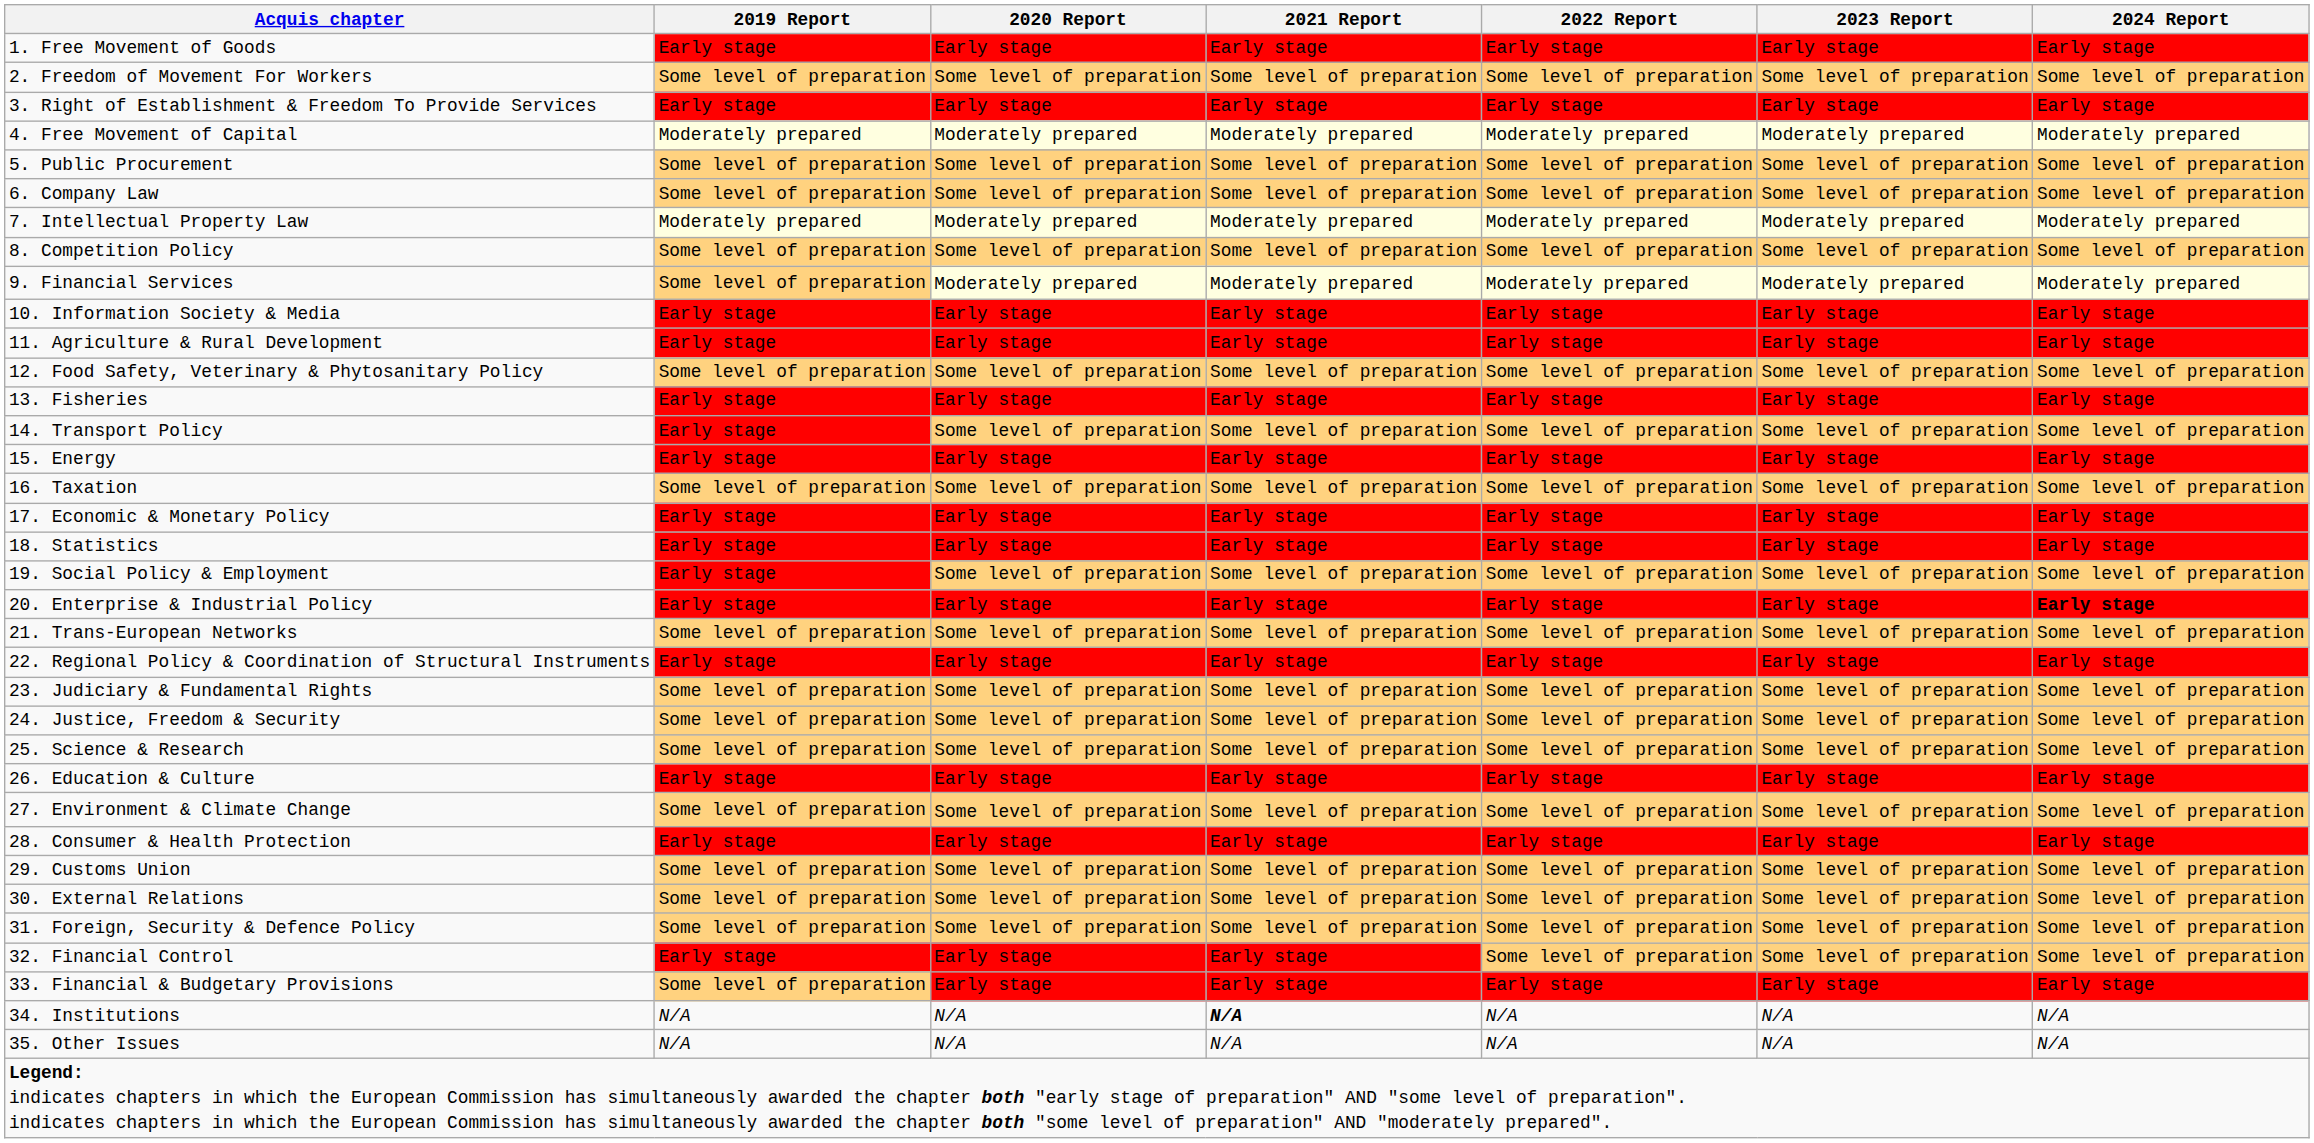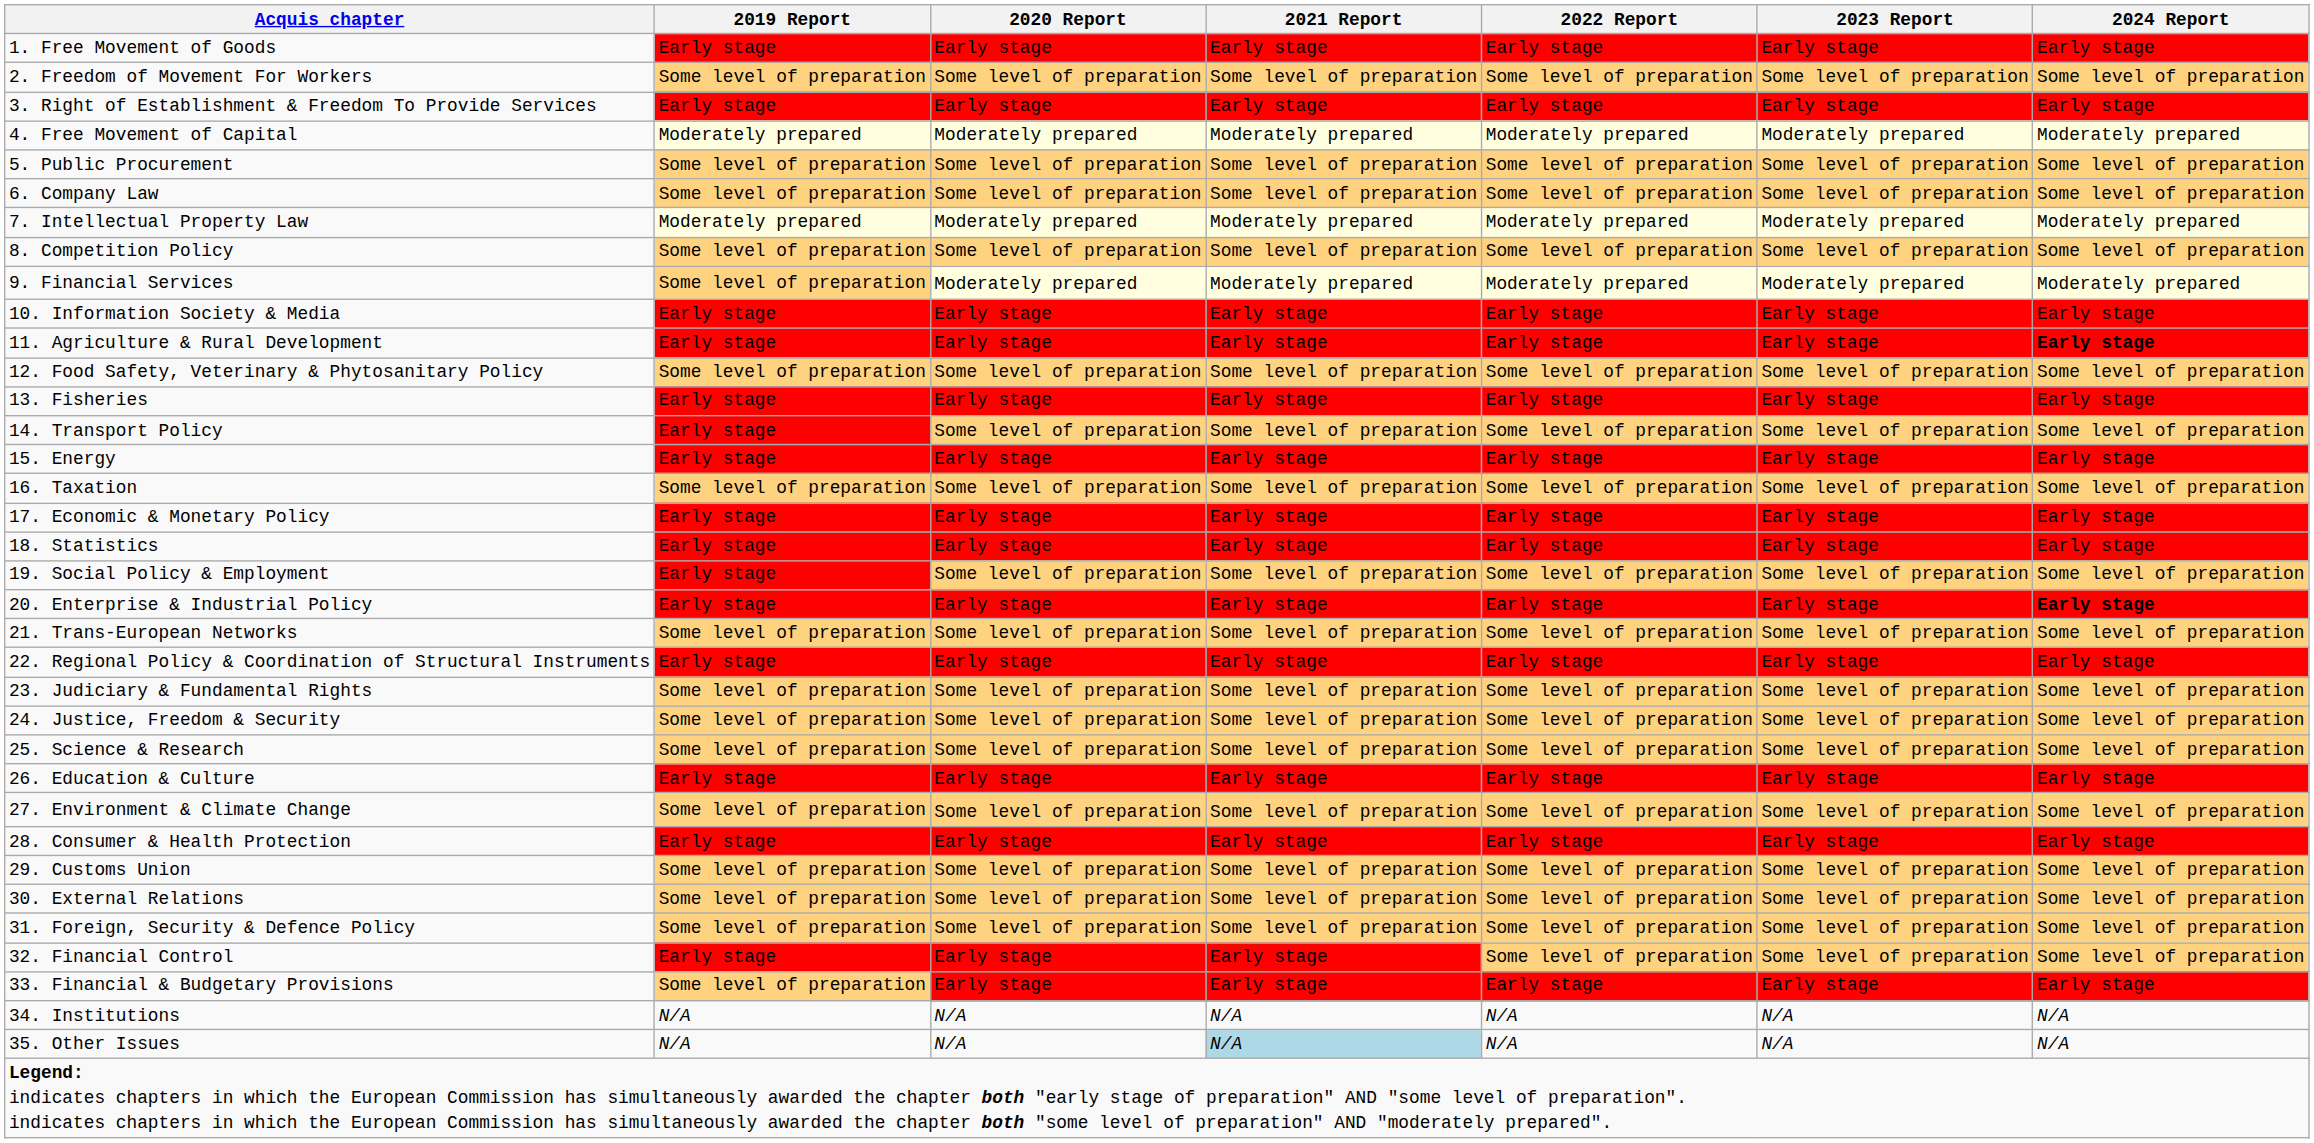 <table class="wikitable mw-collapsible mw-collapsed" style="text-align:left; font-size: 1.0em;">
 <tr>
 <th><a href='#'>Acquis chapter</a></th>
 <th>2019 Report</th>
 <th>2020 Report</th>
 <th>2021 Report</th>
 <th>2022 Report</th>
 <th>2023 Report</th>
 <th>2024 Report</th>
 </tr>
 <tr>
 <td style="text-align:left;">1. Free Movement of Goods</td>
 <td style="background:#f00;">Early stage</td>
 <td style="background:#f00;">Early stage</td>
 <td style="background:#f00;">Early stage</td>
 <td style="background:#f00;">Early stage</td>
 <td style="background:#f00;">Early stage</td>
 <td style="background:#f00;">Early stage</td>
 </tr>
 <tr>
 <td style="text-align:left;">2. Freedom of Movement For Workers</td>
 <td style="background:#FFD27F">Some level of preparation</td>
 <td style="background:#FFD27F">Some level of preparation</td>
 <td style="background:#FFD27F">Some level of preparation</td>
 <td style="background:#FFD27F">Some level of preparation</td>
 <td style="background:#FFD27F">Some level of preparation</td>
 <td style="background:#FFD27F">Some level of preparation</td>
 </tr>
 <tr>
 <td style="text-align:left;">3. Right of Establishment & Freedom To Provide Services</td>
 <td style="background:#f00;">Early stage</td>
 <td style="background:#f00;">Early stage</td>
 <td style="background:#f00;">Early stage</td>
 <td style="background:#f00;">Early stage</td>
 <td style="background:#f00;">Early stage</td>
 <td style="background:#f00;">Early stage</td>
 </tr>
 <tr>
 <td style="text-align:left;">4. Free Movement of Capital</td>
 <td style="background:#FFFFE0;">Moderately prepared</td>
 <td style="background:#FFFFE0;">Moderately prepared</td>
 <td style="background:#FFFFE0;">Moderately prepared</td>
 <td style="background:#FFFFE0;">Moderately prepared</td>
 <td style="background:#FFFFE0;">Moderately prepared</td>
 <td style="background:#FFFFE0;">Moderately prepared</td>
 </tr>
 <tr>
 <td style="text-align:left;">5. Public Procurement</td>
 <td style="background:#FFD27F">Some level of preparation</td>
 <td style="background:#FFD27F">Some level of preparation</td>
 <td style="background:#FFD27F">Some level of preparation</td>
 <td style="background:#FFD27F">Some level of preparation</td>
 <td style="background:#FFD27F">Some level of preparation</td>
 <td style="background:#FFD27F">Some level of preparation</td>
 </tr>
 <tr>
 <td style="text-align:left;">6. Company Law</td>
 <td style="background:#FFD27F">Some level of preparation</td>
 <td style="background:#FFD27F">Some level of preparation</td>
 <td style="background:#FFD27F">Some level of preparation</td>
 <td style="background:#FFD27F">Some level of preparation</td>
 <td style="background:#FFD27F">Some level of preparation</td>
 <td style="background:#FFD27F">Some level of preparation</td>
 </tr>
 <tr>
 <td style="text-align:left;">7. Intellectual Property Law</td>
 <td style="background:#FFFFE0;">Moderately prepared</td>
 <td style="background:#FFFFE0;">Moderately prepared</td>
 <td style="background:#FFFFE0;">Moderately prepared</td>
 <td style="background:#FFFFE0;">Moderately prepared</td>
 <td style="background:#FFFFE0;">Moderately prepared</td>
 <td style="background:#FFFFE0;">Moderately prepared</td>
 </tr>
 <tr>
 <td style="text-align:left;">8. Competition Policy</td>
 <td style="background:#FFD27F">Some level of preparation</td>
 <td style="background:#FFD27F">Some level of preparation</td>
 <td style="background:#FFD27F">Some level of preparation</td>
 <td style="background:#FFD27F">Some level of preparation</td>
 <td style="background:#FFD27F">Some level of preparation</td>
 <td style="background:#FFD27F">Some level of preparation</td>
 </tr>
 <tr>
 <td style="text-align:left;">9. Financial Services</td>
 <td style="background:#FFD27F">Some level of preparation</td>
 <td style="background:#FFFFE0;">Moderately prepared<sup></sup></td>
 <td style="background:#FFFFE0;">Moderately prepared<sup></sup></td>
 <td style="background:#FFFFE0;">Moderately prepared<sup></sup></td>
 <td style="background:#FFFFE0;">Moderately prepared<sup></sup></td>
 <td style="background:#FFFFE0;">Moderately prepared<sup></sup></td>
 </tr>
 <tr>
 <td style="text-align:left;">10. Information Society & Media</td>
 <td style="background:#f00;">Early stage</td>
 <td style="background:#f00;">Early stage</td>
 <td style="background:#f00;">Early stage</td>
 <td style="background:#f00;">Early stage</td>
 <td style="background:#f00;">Early stage</td>
 <td style="background:#f00;">Early stage</td>
 </tr>
 <tr>
 <td style="text-align:left;">11. Agriculture & Rural Development</td>
 <td style="background:#f00;">Early stage</td>
 <td style="background:#f00;">Early stage</td>
 <td style="background:#f00;">Early stage</td>
 <td style="background:#f00;">Early stage</td>
 <td style="background:#f00;">Early stage</td>
-<td style="background:#f00;">Early stage</td>
+<td style="background:#f00;"><strong>Early stage</strong></td>
 </tr>
 <tr>
 <td style="text-align:left;">12. Food Safety, Veterinary & Phytosanitary Policy</td>
 <td style="background:#FFD27F">Some level of preparation</td>
 <td style="background:#FFD27F">Some level of preparation</td>
 <td style="background:#FFD27F">Some level of preparation</td>
 <td style="background:#FFD27F">Some level of preparation</td>
 <td style="background:#FFD27F">Some level of preparation</td>
 <td style="background:#FFD27F">Some level of preparation</td>
 </tr>
 <tr>
 <td style="text-align:left;">13. Fisheries</td>
 <td style="background:#f00;">Early stage</td>
 <td style="background:#f00;">Early stage</td>
 <td style="background:#f00;">Early stage</td>
 <td style="background:#f00;">Early stage</td>
 <td style="background:#f00;">Early stage</td>
 <td style="background:#f00;">Early stage</td>
 </tr>
 <tr>
 <td style="text-align:left;">14. Transport Policy</td>
 <td style="background:#f00;">Early stage</td>
 <td style="background:#FFD27F">Some level of preparation</td>
 <td style="background:#FFD27F">Some level of preparation</td>
 <td style="background:#FFD27F">Some level of preparation</td>
 <td style="background:#FFD27F">Some level of preparation</td>
 <td style="background:#FFD27F">Some level of preparation</td>
 </tr>
 <tr>
 <td style="text-align:left;">15. Energy</td>
 <td style="background:#f00;">Early stage</td>
 <td style="background:#f00;">Early stage</td>
 <td style="background:#f00;">Early stage</td>
 <td style="background:#f00;">Early stage</td>
 <td style="background:#f00;">Early stage</td>
 <td style="background:#f00;">Early stage</td>
 </tr>
 <tr>
 <td style="text-align:left;">16. Taxation</td>
 <td style="background:#FFD27F">Some level of preparation</td>
 <td style="background:#FFD27F">Some level of preparation</td>
 <td style="background:#FFD27F">Some level of preparation</td>
 <td style="background:#FFD27F">Some level of preparation</td>
 <td style="background:#FFD27F">Some level of preparation</td>
 <td style="background:#FFD27F">Some level of preparation</td>
 </tr>
 <tr>
 <td style="text-align:left;">17. Economic & Monetary Policy</td>
 <td style="background:#f00;">Early stage</td>
 <td style="background:#f00;">Early stage</td>
 <td style="background:#f00;">Early stage</td>
 <td style="background:#f00;">Early stage</td>
 <td style="background:#f00;">Early stage</td>
 <td style="background:#f00;">Early stage</td>
 </tr>
 <tr>
 <td style="text-align:left;">18. Statistics</td>
 <td style="background:#f00;">Early stage</td>
 <td style="background:#f00;">Early stage</td>
 <td style="background:#f00;">Early stage</td>
 <td style="background:#f00;">Early stage</td>
 <td style="background:#f00;">Early stage</td>
 <td style="background:#f00;">Early stage</td>
 </tr>
 <tr>
 <td style="text-align:left;">19. Social Policy & Employment</td>
 <td style="background:#f00;">Early stage</td>
 <td style="background:#FFD27F">Some level of preparation</td>
 <td style="background:#FFD27F">Some level of preparation</td>
 <td style="background:#FFD27F">Some level of preparation</td>
 <td style="background:#FFD27F">Some level of preparation</td>
 <td style="background:#FFD27F">Some level of preparation</td>
 </tr>
 <tr>
 <td style="text-align:left;">20. Enterprise & Industrial Policy</td>
 <td style="background:#f00;">Early stage</td>
 <td style="background:#f00;">Early stage</td>
 <td style="background:#f00;">Early stage</td>
 <td style="background:#f00;">Early stage</td>
 <td style="background:#f00;">Early stage</td>
 <td style="background:#f00;"><strong>Early stage</strong></td>
 </tr>
 <tr>
 <td style="text-align:left;">21. Trans-European Networks</td>
 <td style="background:#FFD27F">Some level of preparation</td>
 <td style="background:#FFD27F">Some level of preparation</td>
 <td style="background:#FFD27F">Some level of preparation</td>
 <td style="background:#FFD27F">Some level of preparation</td>
 <td style="background:#FFD27F">Some level of preparation</td>
 <td style="background:#FFD27F">Some level of preparation</td>
 </tr>
 <tr>
 <td style="text-align:left;">22. Regional Policy & Coordination of Structural Instruments</td>
 <td style="background:#f00;">Early stage</td>
 <td style="background:#f00;">Early stage</td>
 <td style="background:#f00;">Early stage</td>
 <td style="background:#f00;">Early stage</td>
 <td style="background:#f00;">Early stage</td>
 <td style="background:#f00;">Early stage</td>
 </tr>
 <tr>
 <td style="text-align:left;">23. Judiciary & Fundamental Rights</td>
 <td style="background:#FFD27F">Some level of preparation</td>
 <td style="background:#FFD27F">Some level of preparation</td>
 <td style="background:#FFD27F">Some level of preparation</td>
 <td style="background:#FFD27F">Some level of preparation</td>
 <td style="background:#FFD27F">Some level of preparation</td>
 <td style="background:#FFD27F">Some level of preparation</td>
 </tr>
 <tr>
 <td style="text-align:left;">24. Justice, Freedom & Security</td>
 <td style="background:#FFD27F">Some level of preparation</td>
 <td style="background:#FFD27F">Some level of preparation</td>
 <td style="background:#FFD27F">Some level of preparation</td>
 <td style="background:#FFD27F">Some level of preparation</td>
 <td style="background:#FFD27F">Some level of preparation</td>
 <td style="background:#FFD27F">Some level of preparation</td>
 </tr>
 <tr>
 <td style="text-align:left;">25. Science & Research</td>
 <td style="background:#FFD27F">Some level of preparation</td>
 <td style="background:#FFD27F">Some level of preparation</td>
 <td style="background:#FFD27F">Some level of preparation</td>
 <td style="background:#FFD27F">Some level of preparation</td>
 <td style="background:#FFD27F">Some level of preparation</td>
 <td style="background:#FFD27F">Some level of preparation</td>
 </tr>
 <tr>
 <td style="text-align:left;">26. Education & Culture</td>
 <td style="background:#f00;">Early stage</td>
 <td style="background:#f00;">Early stage</td>
 <td style="background:#f00;">Early stage</td>
 <td style="background:#f00;">Early stage</td>
 <td style="background:#f00;">Early stage</td>
 <td style="background:#f00;">Early stage</td>
 </tr>
 <tr>
 <td style="text-align:left;">27. Environment & Climate Change</td>
 <td style="background:#FFD27F">Some level of preparation</td>
 <td style="background:#FFD27F">Some level of preparation<sup></sup></td>
 <td style="background:#FFD27F">Some level of preparation<sup></sup></td>
 <td style="background:#FFD27F">Some level of preparation<sup></sup></td>
 <td style="background:#FFD27F">Some level of preparation<sup></sup></td>
 <td style="background:#FFD27F">Some level of preparation<sup></sup></td>
 </tr>
 <tr>
 <td style="text-align:left;">28. Consumer & Health Protection</td>
 <td style="background:#f00;">Early stage</td>
 <td style="background:#f00;">Early stage</td>
 <td style="background:#f00;">Early stage</td>
 <td style="background:#f00;">Early stage</td>
 <td style="background:#f00;">Early stage</td>
 <td style="background:#f00;">Early stage</td>
 </tr>
 <tr>
 <td style="text-align:left;">29. Customs Union</td>
 <td style="background:#FFD27F">Some level of preparation</td>
 <td style="background:#FFD27F">Some level of preparation</td>
 <td style="background:#FFD27F">Some level of preparation</td>
 <td style="background:#FFD27F">Some level of preparation</td>
 <td style="background:#FFD27F">Some level of preparation</td>
 <td style="background:#FFD27F">Some level of preparation</td>
 </tr>
 <tr>
 <td style="text-align:left;">30. External Relations</td>
 <td style="background:#FFD27F">Some level of preparation</td>
 <td style="background:#FFD27F">Some level of preparation</td>
 <td style="background:#FFD27F">Some level of preparation</td>
 <td style="background:#FFD27F">Some level of preparation</td>
 <td style="background:#FFD27F">Some level of preparation</td>
 <td style="background:#FFD27F">Some level of preparation</td>
 </tr>
 <tr>
 <td style="text-align:left;">31. Foreign, Security & Defence Policy</td>
 <td style="background:#FFD27F">Some level of preparation</td>
 <td style="background:#FFD27F">Some level of preparation</td>
 <td style="background:#FFD27F">Some level of preparation</td>
 <td style="background:#FFD27F">Some level of preparation</td>
 <td style="background:#FFD27F">Some level of preparation</td>
 <td style="background:#FFD27F">Some level of preparation</td>
 </tr>
 <tr>
 <td style="text-align:left;">32. Financial Control</td>
 <td style="background:#f00;">Early stage</td>
 <td style="background:#f00;">Early stage</td>
 <td style="background:#f00;">Early stage</td>
 <td style="background:#FFD27F">Some level of preparation</td>
 <td style="background:#FFD27F">Some level of preparation</td>
 <td style="background:#FFD27F">Some level of preparation</td>
 </tr>
 <tr>
 <td style="text-align:left;">33. Financial & Budgetary Provisions</td>
 <td style="background:#FFD27F">Some level of preparation</td>
 <td style="background:#f00;">Early stage</td>
 <td style="background:#f00;">Early stage</td>
 <td style="background:#f00;">Early stage</td>
 <td style="background:#f00;">Early stage</td>
 <td style="background:#f00;">Early stage</td>
 </tr>
 <tr>
 <td style="text-align:left;">34. Institutions</td>
 <td><em>N/A</em></td>
 <td><em>N/A</em></td>
-<td><strong><em>N/A</em></strong></td>
+<td><em>N/A</em></td>
 <td><em>N/A</em></td>
 <td><em>N/A</em></td>
 <td><em>N/A</em></td>
 </tr>
 <tr>
 <td style="text-align:left;">35. Other Issues</td>
 <td><em>N/A</em></td>
 <td><em>N/A</em></td>
-<td><em>N/A</em></td>
+<td style="background: lightblue;"><em>N/A</em></td>
 <td><em>N/A</em></td>
 <td><em>N/A</em></td>
 <td><em>N/A</em></td>
 </tr>
 <tr>
 <td colspan="11"><strong>Legend:</strong><br><sup></sup> indicates chapters in which the European Commission has simultaneously awarded the chapter <strong><em>both</em></strong> "early stage of preparation" AND "some level of preparation".<br><sup></sup> indicates chapters in which the European Commission has simultaneously awarded the chapter <strong><em>both</em></strong> "some level of preparation" AND "moderately prepared".<br>        </td>
 </tr>
 </table>
